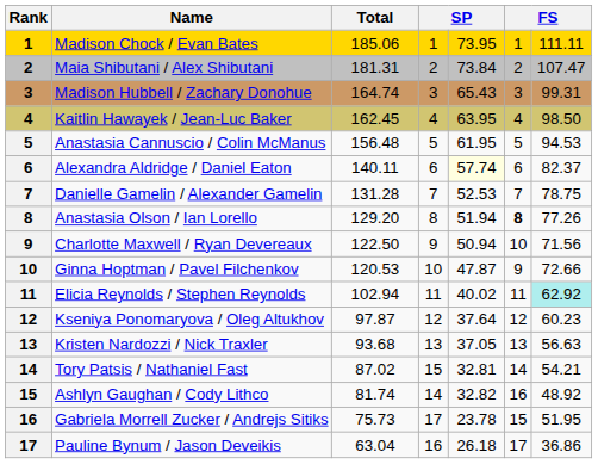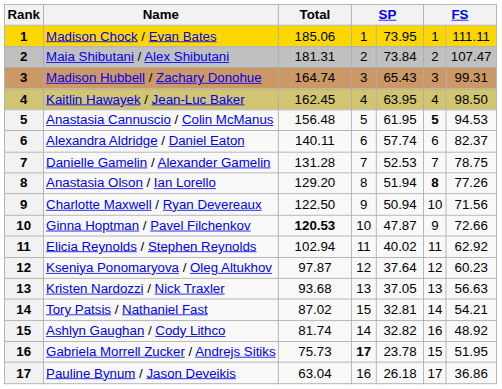 <table class="wikitable sortable">
 <tr>
 <th>Rank</th>
 <th>Name</th>
 <th width="80px">Total</th>
 <th colspan="2" width="80px"><a href='#'>SP</a></th>
 <th colspan="2" width="80px"><a href='#'>FS</a></th>
 </tr>
 <tr bgcolor="gold">
 <td align="center"><strong>1</strong></td>
 <td><a href='#'>Madison Chock</a> / <a href='#'>Evan Bates</a></td>
 <td align="center">185.06</td>
 <td align="center">1</td>
 <td align="center">73.95</td>
 <td align="center">1</td>
 <td align="center">111.11</td>
 </tr>
 <tr bgcolor="silver">
 <td align="center"><strong>2</strong></td>
 <td><a href='#'>Maia Shibutani</a> / <a href='#'>Alex Shibutani</a></td>
 <td align="center">181.31</td>
 <td align="center">2</td>
 <td align="center">73.84</td>
 <td align="center">2</td>
 <td align="center">107.47</td>
 </tr>
 <tr bgcolor="cc9966">
 <td align="center"><strong>3</strong></td>
 <td><a href='#'>Madison Hubbell</a> / <a href='#'>Zachary Donohue</a></td>
 <td align="center">164.74</td>
 <td align="center">3</td>
 <td align="center">65.43</td>
 <td align="center">3</td>
 <td align="center">99.31</td>
 </tr>
 <tr bgcolor="#d1c571">
 <td align="center"><strong>4</strong></td>
 <td><a href='#'>Kaitlin Hawayek</a> / <a href='#'>Jean-Luc Baker</a></td>
 <td align="center">162.45</td>
 <td align="center">4</td>
 <td align="center">63.95</td>
 <td align="center">4</td>
 <td align="center">98.50</td>
 </tr>
 <tr>
 <th>5</th>
 <td><a href='#'>Anastasia Cannuscio</a> / <a href='#'>Colin McManus</a></td>
 <td align="center">156.48</td>
 <td align="center">5</td>
 <td align="center">61.95</td>
-<td align="center">5</td>
+<td align="center"><strong>5</strong></td>
 <td align="center">94.53</td>
 </tr>
 <tr>
 <th>6</th>
 <td><a href='#'>Alexandra Aldridge</a> / <a href='#'>Daniel Eaton</a></td>
 <td align="center">140.11</td>
 <td align="center">6</td>
-<td align="center" style="background: lightyellow;">57.74</td>
+<td align="center">57.74</td>
 <td align="center">6</td>
 <td align="center">82.37</td>
 </tr>
 <tr>
 <th>7</th>
 <td><a href='#'>Danielle Gamelin</a> / <a href='#'>Alexander Gamelin</a></td>
 <td align="center">131.28</td>
 <td align="center">7</td>
 <td align="center">52.53</td>
 <td align="center">7</td>
 <td align="center">78.75</td>
 </tr>
 <tr>
 <th>8</th>
 <td><a href='#'>Anastasia Olson</a> / <a href='#'>Ian Lorello</a></td>
 <td align="center">129.20</td>
 <td align="center">8</td>
 <td align="center">51.94</td>
 <td align="center"><strong>8</strong></td>
 <td align="center">77.26</td>
 </tr>
 <tr>
 <th>9</th>
 <td><a href='#'>Charlotte Maxwell</a> / <a href='#'>Ryan Devereaux</a></td>
 <td align="center">122.50</td>
 <td align="center">9</td>
 <td align="center">50.94</td>
 <td align="center">10</td>
 <td align="center">71.56</td>
 </tr>
 <tr>
 <th>10</th>
 <td><a href='#'>Ginna Hoptman</a> / <a href='#'>Pavel Filchenkov</a></td>
-<td align="center">120.53</td>
+<td align="center"><strong>120.53</strong></td>
 <td align="center">10</td>
 <td align="center">47.87</td>
 <td align="center">9</td>
 <td align="center">72.66</td>
 </tr>
 <tr>
 <th>11</th>
 <td><a href='#'>Elicia Reynolds</a> / <a href='#'>Stephen Reynolds</a></td>
 <td align="center">102.94</td>
 <td align="center">11</td>
 <td align="center">40.02</td>
 <td align="center">11</td>
-<td align="center" style="background: paleturquoise;">62.92</td>
+<td align="center">62.92</td>
 </tr>
 <tr>
 <th>12</th>
 <td><a href='#'>Kseniya Ponomaryova</a> / <a href='#'>Oleg Altukhov</a></td>
 <td align="center">97.87</td>
 <td align="center">12</td>
 <td align="center">37.64</td>
 <td align="center">12</td>
 <td align="center">60.23</td>
 </tr>
 <tr>
 <th>13</th>
 <td><a href='#'>Kristen Nardozzi</a> / <a href='#'>Nick Traxler</a></td>
 <td align="center">93.68</td>
 <td align="center">13</td>
 <td align="center">37.05</td>
 <td align="center">13</td>
 <td align="center">56.63</td>
 </tr>
 <tr>
 <th>14</th>
 <td><a href='#'>Tory Patsis</a> / <a href='#'>Nathaniel Fast</a></td>
 <td align="center">87.02</td>
 <td align="center">15</td>
 <td align="center">32.81</td>
 <td align="center">14</td>
 <td align="center">54.21</td>
 </tr>
 <tr>
 <th>15</th>
 <td><a href='#'>Ashlyn Gaughan</a> / <a href='#'>Cody Lithco</a></td>
 <td align="center">81.74</td>
 <td align="center">14</td>
 <td align="center">32.82</td>
 <td align="center">16</td>
 <td align="center">48.92</td>
 </tr>
 <tr>
 <th>16</th>
 <td><a href='#'>Gabriela Morrell Zucker</a> / <a href='#'>Andrejs Sitiks</a></td>
 <td align="center">75.73</td>
-<td align="center">17</td>
+<td align="center"><strong>17</strong></td>
 <td align="center">23.78</td>
 <td align="center">15</td>
 <td align="center">51.95</td>
 </tr>
 <tr>
 <th>17</th>
 <td><a href='#'>Pauline Bynum</a> / <a href='#'>Jason Deveikis</a></td>
 <td align="center">63.04</td>
 <td align="center">16</td>
 <td align="center">26.18</td>
 <td align="center">17</td>
 <td align="center">36.86</td>
 </tr>
 </table>
